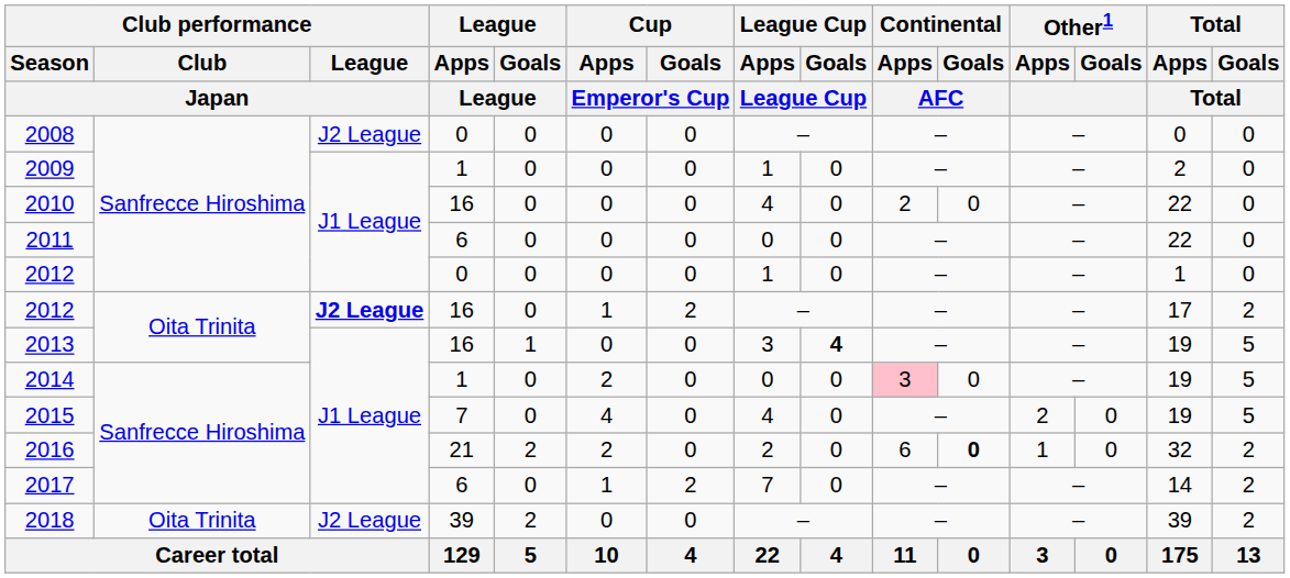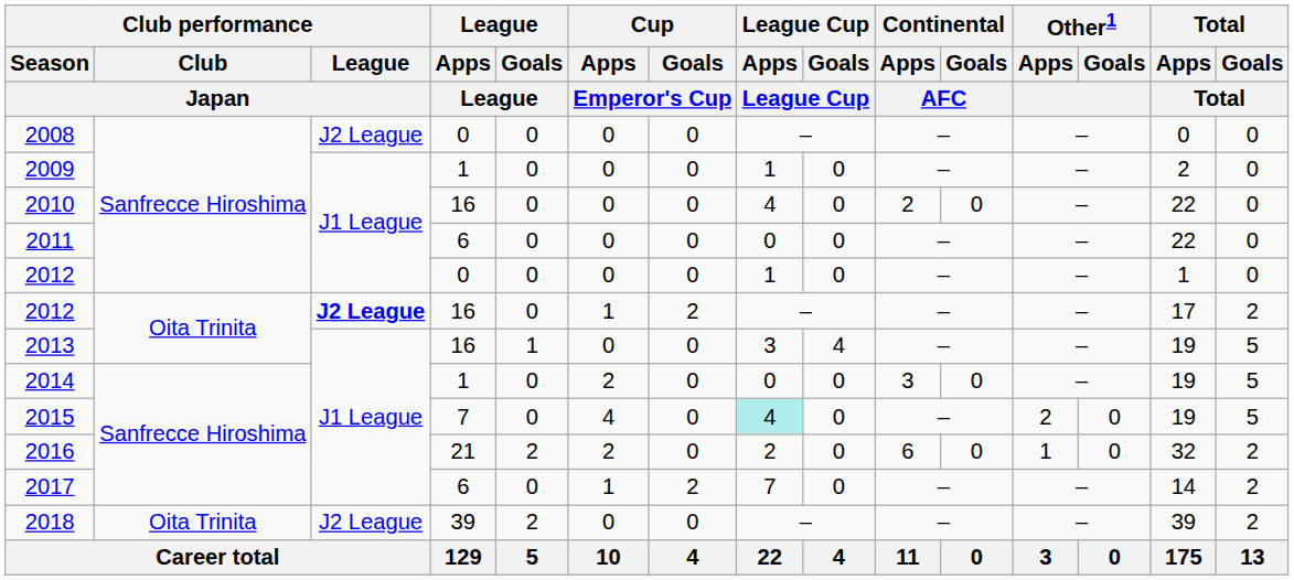 <table class="wikitable" style="text-align:center">
 <tr>
 <th colspan=3>Club performance</th>
 <th colspan=2>League</th>
 <th colspan=2>Cup</th>
 <th colspan=2>League Cup</th>
 <th colspan=2>Continental</th>
 <th colspan=2>Other<sup><a href='#'>1</a></sup></th>
 <th colspan=2>Total</th>
 </tr>
 <tr>
 <th>Season</th>
 <th>Club</th>
 <th>League</th>
 <th>Apps</th>
 <th>Goals</th>
 <th>Apps</th>
 <th>Goals</th>
 <th>Apps</th>
 <th>Goals</th>
 <th>Apps</th>
 <th>Goals</th>
 <th>Apps</th>
 <th>Goals</th>
 <th>Apps</th>
 <th>Goals</th>
 </tr>
 <tr>
 <th colspan=3>Japan</th>
 <th colspan=2>League</th>
 <th colspan=2><a href='#'>Emperor's Cup</a></th>
 <th colspan=2><a href='#'>League Cup</a></th>
 <th colspan=2><a href='#'>AFC</a></th>
 <th colspan=2></th>
 <th colspan=2>Total</th>
 </tr>
 <tr>
 <td><a href='#'>2008</a></td>
 <td rowspan="5"><a href='#'>Sanfrecce Hiroshima</a></td>
 <td><a href='#'>J2 League</a></td>
 <td>0</td>
 <td>0</td>
 <td>0</td>
 <td>0</td>
 <td colspan="2">–</td>
 <td colspan="2">–</td>
 <td colspan="2">–</td>
 <td>0</td>
 <td>0</td>
 </tr>
 <tr>
 <td><a href='#'>2009</a></td>
 <td rowspan="4"><a href='#'>J1 League</a></td>
 <td>1</td>
 <td>0</td>
 <td>0</td>
 <td>0</td>
 <td>1</td>
 <td>0</td>
 <td colspan="2">–</td>
 <td colspan="2">–</td>
 <td>2</td>
 <td>0</td>
 </tr>
 <tr>
 <td><a href='#'>2010</a></td>
 <td>16</td>
 <td>0</td>
 <td>0</td>
 <td>0</td>
 <td>4</td>
 <td>0</td>
 <td>2</td>
 <td>0</td>
 <td colspan="2">–</td>
 <td>22</td>
 <td>0</td>
 </tr>
 <tr>
 <td><a href='#'>2011</a></td>
 <td>6</td>
 <td>0</td>
 <td>0</td>
 <td>0</td>
 <td>0</td>
 <td>0</td>
 <td colspan="2">–</td>
 <td colspan="2">–</td>
 <td>22</td>
 <td>0</td>
 </tr>
 <tr>
 <td><a href='#'>2012</a></td>
 <td>0</td>
 <td>0</td>
 <td>0</td>
 <td>0</td>
 <td>1</td>
 <td>0</td>
 <td colspan="2">–</td>
 <td colspan="2">–</td>
 <td>1</td>
 <td>0</td>
 </tr>
 <tr>
 <td><a href='#'>2012</a></td>
 <td rowspan="2"><a href='#'>Oita Trinita</a></td>
 <td><strong><a href='#'>J2 League</a></strong></td>
 <td>16</td>
 <td>0</td>
 <td>1</td>
 <td>2</td>
 <td colspan="2">–</td>
 <td colspan="2">–</td>
 <td colspan="2">–</td>
 <td>17</td>
 <td>2</td>
 </tr>
 <tr>
 <td><a href='#'>2013</a></td>
 <td rowspan="5"><a href='#'>J1 League</a></td>
 <td>16</td>
 <td>1</td>
 <td>0</td>
 <td>0</td>
 <td>3</td>
-<td><strong>4</strong></td>
+<td>4</td>
 <td colspan="2">–</td>
 <td colspan="2">–</td>
 <td>19</td>
 <td>5</td>
 </tr>
 <tr>
 <td><a href='#'>2014</a></td>
 <td rowspan="4"><a href='#'>Sanfrecce Hiroshima</a></td>
 <td>1</td>
 <td>0</td>
 <td>2</td>
 <td>0</td>
 <td>0</td>
 <td>0</td>
-<td style="background: pink;">3</td>
+<td>3</td>
 <td>0</td>
 <td colspan="2">–</td>
 <td>19</td>
 <td>5</td>
 </tr>
 <tr>
 <td><a href='#'>2015</a></td>
 <td>7</td>
 <td>0</td>
 <td>4</td>
 <td>0</td>
-<td>4</td>
+<td style="background: paleturquoise;">4</td>
 <td>0</td>
 <td colspan="2">–</td>
 <td>2</td>
 <td>0</td>
 <td>19</td>
 <td>5</td>
 </tr>
 <tr>
 <td><a href='#'>2016</a></td>
 <td>21</td>
 <td>2</td>
 <td>2</td>
 <td>0</td>
 <td>2</td>
 <td>0</td>
 <td>6</td>
-<td><strong>0</strong></td>
+<td>0</td>
 <td>1</td>
 <td>0</td>
 <td>32</td>
 <td>2</td>
 </tr>
 <tr>
 <td><a href='#'>2017</a></td>
 <td>6</td>
 <td>0</td>
 <td>1</td>
 <td>2</td>
 <td>7</td>
 <td>0</td>
 <td colspan="2">–</td>
 <td colspan="2">–</td>
 <td>14</td>
 <td>2</td>
 </tr>
 <tr>
 <td><a href='#'>2018</a></td>
 <td rowspan="1"><a href='#'>Oita Trinita</a></td>
 <td><a href='#'>J2 League</a></td>
 <td>39</td>
 <td>2</td>
 <td>0</td>
 <td>0</td>
 <td colspan="2">–</td>
 <td colspan="2">–</td>
 <td colspan="2">–</td>
 <td>39</td>
 <td>2</td>
 </tr>
 <tr>
 <th colspan=3>Career total</th>
 <th>129</th>
 <th>5</th>
 <th>10</th>
 <th>4</th>
 <th>22</th>
 <th>4</th>
 <th>11</th>
 <th>0</th>
 <th>3</th>
 <th>0</th>
 <th>175</th>
 <th>13</th>
 </tr>
 </table>
